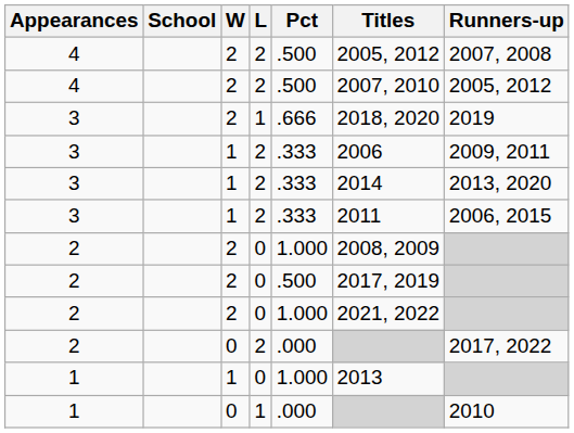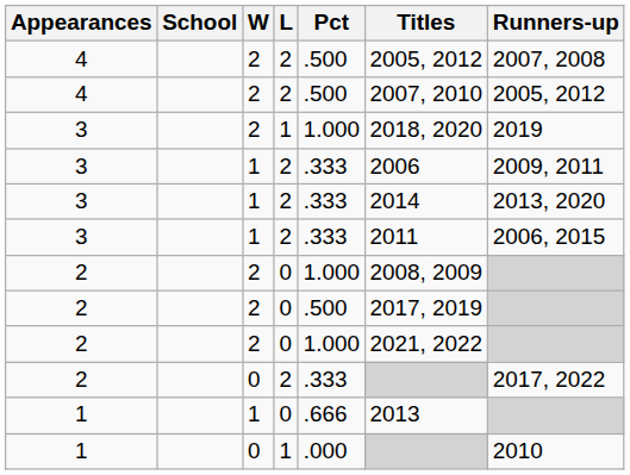 <table class="wikitable sortable">
 <tr>
 <th>Appearances</th>
 <th>School</th>
 <th>W</th>
 <th>L</th>
 <th>Pct</th>
 <th>Titles</th>
 <th>Runners-up</th>
 </tr>
 <tr>
 <td align=center>4</td>
 <td style=><a href='#'></a></td>
 <td>2</td>
 <td>2</td>
 <td>.500</td>
 <td>2005, 2012</td>
 <td>2007, 2008</td>
 </tr>
 <tr>
 <td align=center>4</td>
 <td style=><a href='#'></a></td>
 <td>2</td>
 <td>2</td>
 <td>.500</td>
 <td>2007, 2010</td>
 <td>2005, 2012</td>
 </tr>
 <tr>
 <td align=center>3</td>
 <td style=><a href='#'></a></td>
 <td>2</td>
 <td>1</td>
-<td>.666</td>
+<td>1.000</td>
 <td>2018, 2020</td>
 <td>2019</td>
 </tr>
 <tr>
 <td align=center>3</td>
 <td style=><a href='#'></a></td>
 <td>1</td>
 <td>2</td>
 <td>.333</td>
 <td>2006</td>
 <td>2009, 2011</td>
 </tr>
 <tr>
 <td align=center>3</td>
 <td style=><a href='#'></a></td>
 <td>1</td>
 <td>2</td>
 <td>.333</td>
 <td>2014</td>
 <td>2013, 2020</td>
 </tr>
 <tr>
 <td align=center>3</td>
 <td style=><a href='#'></a></td>
 <td>1</td>
 <td>2</td>
 <td>.333</td>
 <td>2011</td>
 <td>2006, 2015</td>
 </tr>
 <tr>
 <td align=center>2</td>
 <td style=><a href='#'></a></td>
 <td>2</td>
 <td>0</td>
 <td>1.000</td>
 <td>2008, 2009</td>
 <td bgcolor=lightgrey> </td>
 </tr>
 <tr>
 <td align=center>2</td>
 <td style=><a href='#'></a></td>
 <td>2</td>
 <td>0</td>
 <td>.500</td>
 <td>2017, 2019</td>
 <td bgcolor=lightgrey> </td>
 </tr>
 <tr>
 <td align=center>2</td>
 <td style=><a href='#'></a></td>
 <td>2</td>
 <td>0</td>
 <td>1.000</td>
 <td>2021, 2022</td>
 <td bgcolor=lightgrey> </td>
 </tr>
 <tr>
 <td align=center>2</td>
 <td style=><a href='#'></a></td>
 <td>0</td>
 <td>2</td>
-<td>.000</td>
+<td>.333</td>
 <td bgcolor=lightgrey> </td>
 <td>2017, 2022</td>
 </tr>
 <tr>
 <td align=center>1</td>
 <td style=><a href='#'></a></td>
 <td>1</td>
 <td>0</td>
-<td>1.000</td>
+<td>.666</td>
 <td>2013</td>
 <td bgcolor=lightgrey> </td>
 </tr>
 <tr>
 <td align=center>1</td>
 <td style=><a href='#'></a></td>
 <td>0</td>
 <td>1</td>
 <td>.000</td>
 <td bgcolor=lightgrey> </td>
 <td>2010</td>
 </tr>
 </table>
